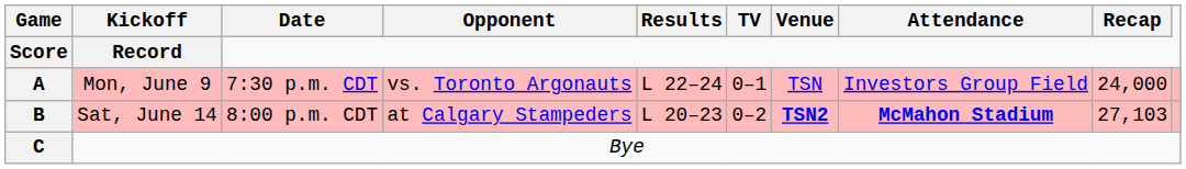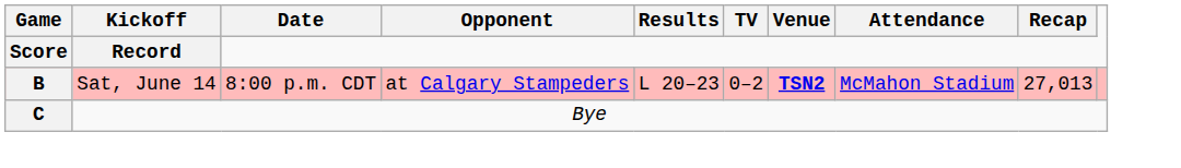 <table class="wikitable" style="text-align:center">
 <tr>
 <th>Game</th>
 <th>Kickoff</th>
 <th>Date</th>
 <th>Opponent</th>
 <th>Results</th>
 <th>TV</th>
 <th>Venue</th>
 <th>Attendance</th>
 <th>Recap</th>
 </tr>
 <tr>
 <th>Score</th>
 <th>Record</th>
 </tr>
 <tr style="background:#ffbbbb">
-<th>A</th>
-<td>Mon, June 9</td>
-<td>7:30 p.m. <a href='#'>CDT</a></td>
-<td>vs. <a href='#'>Toronto Argonauts</a></td>
-<td>L 22–24</td>
-<td>0–1</td>
-<td><a href='#'>TSN</a></td>
-<td><a href='#'>Investors Group Field</a></td>
-<td>24,000</td>
-<td></td>
-</tr>
-<tr style="background:#ffbbbb">
 <th>B</th>
 <td>Sat, June 14</td>
 <td>8:00 p.m. CDT</td>
 <td>at <a href='#'>Calgary Stampeders</a></td>
 <td>L 20–23</td>
 <td>0–2</td>
 <td><strong><a href='#'>TSN2</a></strong></td>
-<td><strong><a href='#'>McMahon Stadium</a></strong></td>
-<td>27,103</td>
+<td><a href='#'>McMahon Stadium</a></td>
+<td>27,013</td>
 <td></td>
 </tr>
 <tr>
 <th>C</th>
 <td colspan=9><em>Bye</em></td>
 </tr>
 </table>
